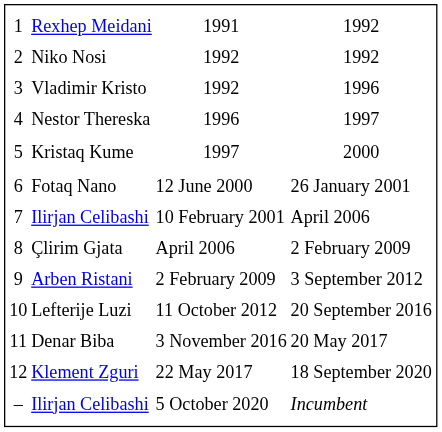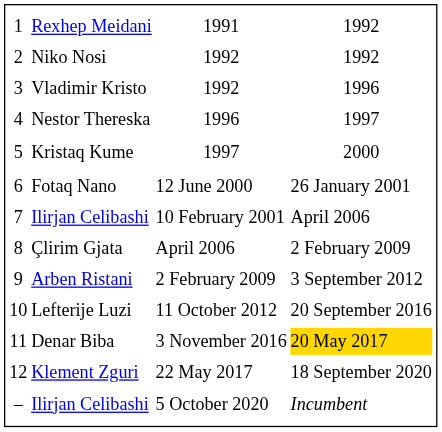 <table cellpadding="0" cellspacing="3" style="border:1px solid #000000; font-size:88%; line-height: 1.5em;">
 <tr>
 <td><strong></strong></td>
 <td><strong></strong></td>
 <td colspan="2"></td>
 </tr>
 <tr>
 <td align="center">1</td>
 <td><a href='#'>Rexhep Meidani</a></td>
 <td align="center">1991</td>
 <td align="center">1992</td>
 </tr>
 <tr>
 <td align="center">2</td>
 <td>Niko Nosi</td>
 <td align="center">1992</td>
 <td align="center">1992</td>
 </tr>
 <tr>
 <td align="center">3</td>
 <td>Vladimir Kristo</td>
 <td align="center">1992</td>
 <td align="center">1996</td>
 </tr>
 <tr>
 <td align="center">4</td>
 <td>Nestor Thereska</td>
 <td align="center">1996</td>
 <td align="center">1997</td>
 </tr>
 <tr>
 <td align="center">5</td>
 <td>Kristaq Kume</td>
 <td align="center">1997</td>
 <td align="center">2000</td>
 </tr>
 <tr>
 <td colspan="4" align=center></td>
 </tr>
 <tr>
 <td align="center">6</td>
 <td>Fotaq Nano</td>
 <td>12 June 2000</td>
 <td>26 January 2001</td>
 </tr>
 <tr>
 <td align="center">7</td>
 <td><a href='#'>Ilirjan Celibashi</a></td>
 <td>10 February 2001</td>
 <td>April 2006</td>
 </tr>
 <tr>
 <td align="center">8</td>
 <td>Çlirim Gjata</td>
 <td>April 2006</td>
 <td>2 February 2009</td>
 </tr>
 <tr>
 <td align="center">9</td>
 <td><a href='#'>Arben Ristani</a></td>
 <td>2 February 2009</td>
 <td>3 September 2012</td>
 </tr>
 <tr>
 <td align="center">10</td>
 <td>Lefterije Luzi</td>
 <td>11 October 2012</td>
 <td>20 September 2016</td>
 </tr>
 <tr>
 <td align="center">11</td>
 <td>Denar Biba</td>
 <td>3 November 2016</td>
-<td>20 May 2017</td>
+<td style="background: gold;">20 May 2017</td>
 </tr>
 <tr>
 <td align="center">12</td>
 <td><a href='#'>Klement Zguri</a></td>
 <td>22 May 2017</td>
 <td>18 September 2020</td>
 </tr>
 <tr>
 <td align="center">–</td>
 <td><a href='#'>Ilirjan Celibashi</a></td>
 <td>5 October 2020</td>
 <td><em>Incumbent</em></td>
 </tr>
 <tr>
 </tr>
 </table>
